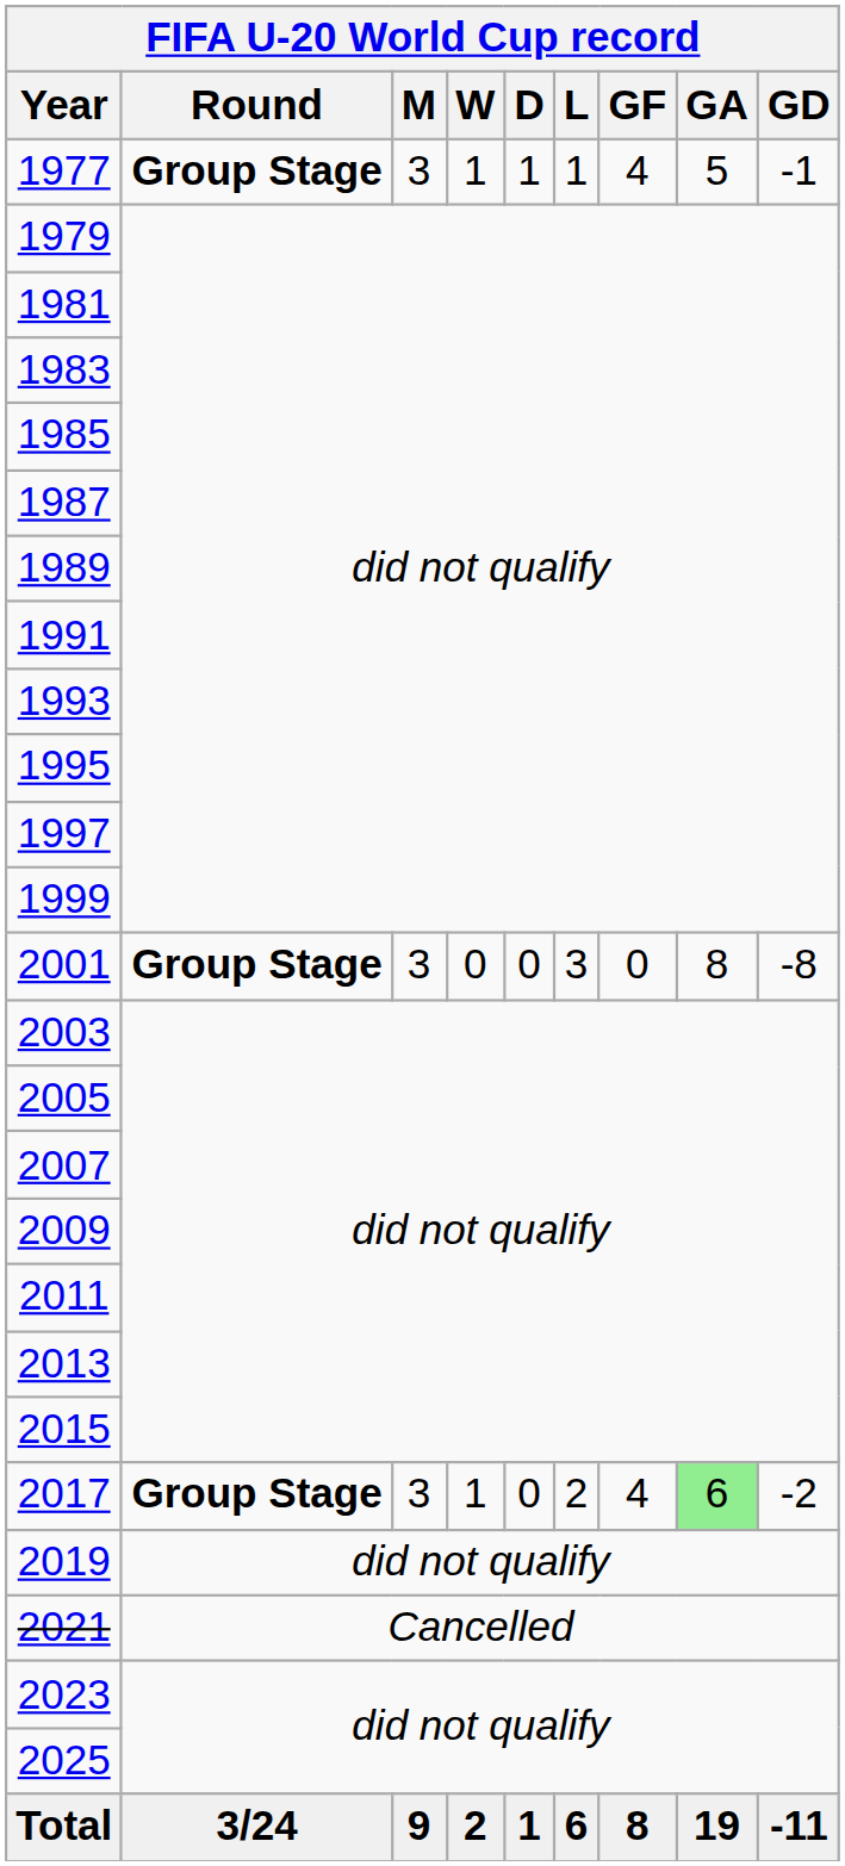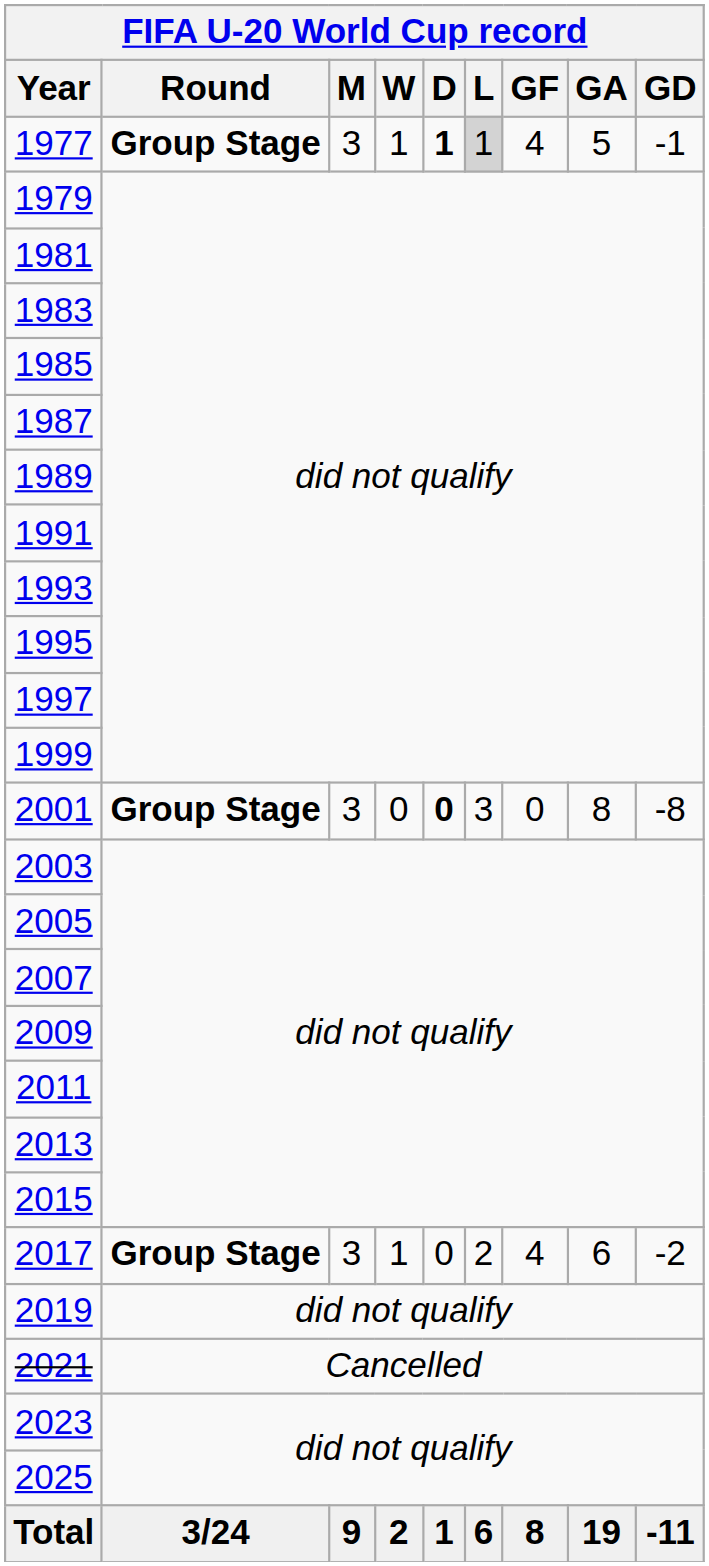 <table class="wikitable" style="text-align: center;">
 <tr>
 <th colspan=9><a href='#'>FIFA U-20 World Cup record</a></th>
 </tr>
 <tr>
 <th>Year</th>
 <th>Round</th>
 <th>M</th>
 <th>W</th>
 <th>D</th>
 <th>L</th>
 <th>GF</th>
 <th>GA</th>
 <th>GD</th>
 </tr>
 <tr>
 <td> <a href='#'>1977</a></td>
 <td><strong>Group Stage</strong></td>
 <td>3</td>
 <td>1</td>
-<td>1</td>
-<td>1</td>
+<td><strong>1</strong></td>
+<td style="background: lightgrey;">1</td>
 <td>4</td>
 <td>5</td>
 <td>-1</td>
 </tr>
 <tr>
 <td> <a href='#'>1979</a></td>
 <td rowspan="11" colspan=78><em>did not qualify</em></td>
 </tr>
 <tr>
 <td> <a href='#'>1981</a></td>
 </tr>
 <tr>
 <td> <a href='#'>1983</a></td>
 </tr>
 <tr>
 <td> <a href='#'>1985</a></td>
 </tr>
 <tr>
 <td> <a href='#'>1987</a></td>
 </tr>
 <tr>
 <td> <a href='#'>1989</a></td>
 </tr>
 <tr>
 <td> <a href='#'>1991</a></td>
 </tr>
 <tr>
 <td> <a href='#'>1993</a></td>
 </tr>
 <tr>
 <td> <a href='#'>1995</a></td>
 </tr>
 <tr>
 <td> <a href='#'>1997</a></td>
 </tr>
 <tr>
 <td> <a href='#'>1999</a></td>
 </tr>
 <tr>
 <td> <a href='#'>2001</a></td>
 <td><strong>Group Stage</strong></td>
 <td>3</td>
 <td>0</td>
-<td>0</td>
+<td><strong>0</strong></td>
 <td>3</td>
 <td>0</td>
 <td>8</td>
 <td>-8</td>
 </tr>
 <tr>
 <td> <a href='#'>2003</a></td>
 <td rowspan="7" colspan=8><em>did not qualify</em></td>
 </tr>
 <tr>
 <td> <a href='#'>2005</a></td>
 </tr>
 <tr>
 <td> <a href='#'>2007</a></td>
 </tr>
 <tr>
 <td> <a href='#'>2009</a></td>
 </tr>
 <tr>
 <td> <a href='#'>2011</a></td>
 </tr>
 <tr>
 <td> <a href='#'>2013</a></td>
 </tr>
 <tr>
 <td> <a href='#'>2015</a></td>
 </tr>
 <tr>
 <td> <a href='#'>2017</a></td>
 <td><strong>Group Stage</strong></td>
 <td>3</td>
 <td>1</td>
 <td>0</td>
 <td>2</td>
 <td>4</td>
-<td style="background: lightgreen;">6</td>
+<td>6</td>
 <td>-2</td>
 </tr>
 <tr>
 <td> <a href='#'>2019</a></td>
 <td colspan=8><em>did not qualify</em></td>
 </tr>
 <tr>
 <td> <s><a href='#'>2021</a></s></td>
 <td colspan=8><em>Cancelled</em></td>
 </tr>
 <tr>
 <td> <a href='#'>2023</a></td>
 <td rowspan=2 colspan=8><em>did not qualify</em></td>
 </tr>
 <tr>
 <td> <a href='#'>2025</a></td>
 </tr>
 <tr style="background:#f0f0f0;font-weight:bold;">
 <td>Total</td>
 <td>3/24</td>
 <td>9</td>
 <td>2</td>
 <td>1</td>
 <td>6</td>
 <td>8</td>
 <td>19</td>
 <td>-11</td>
 </tr>
 </table>
